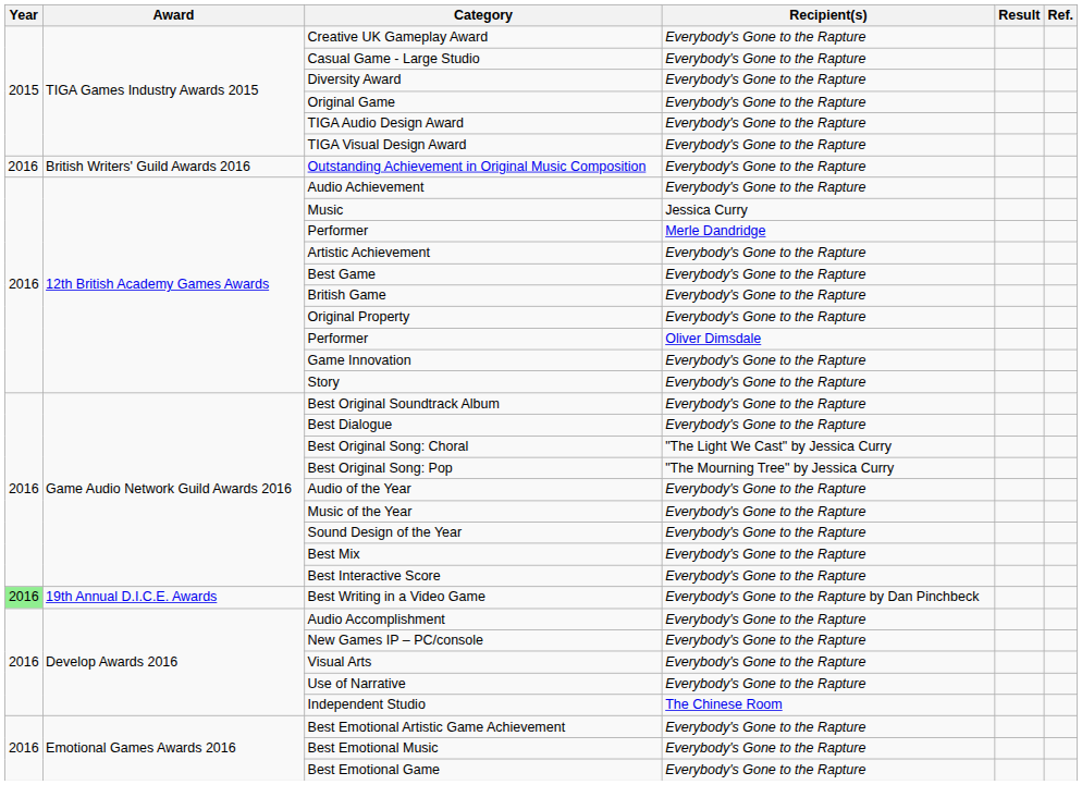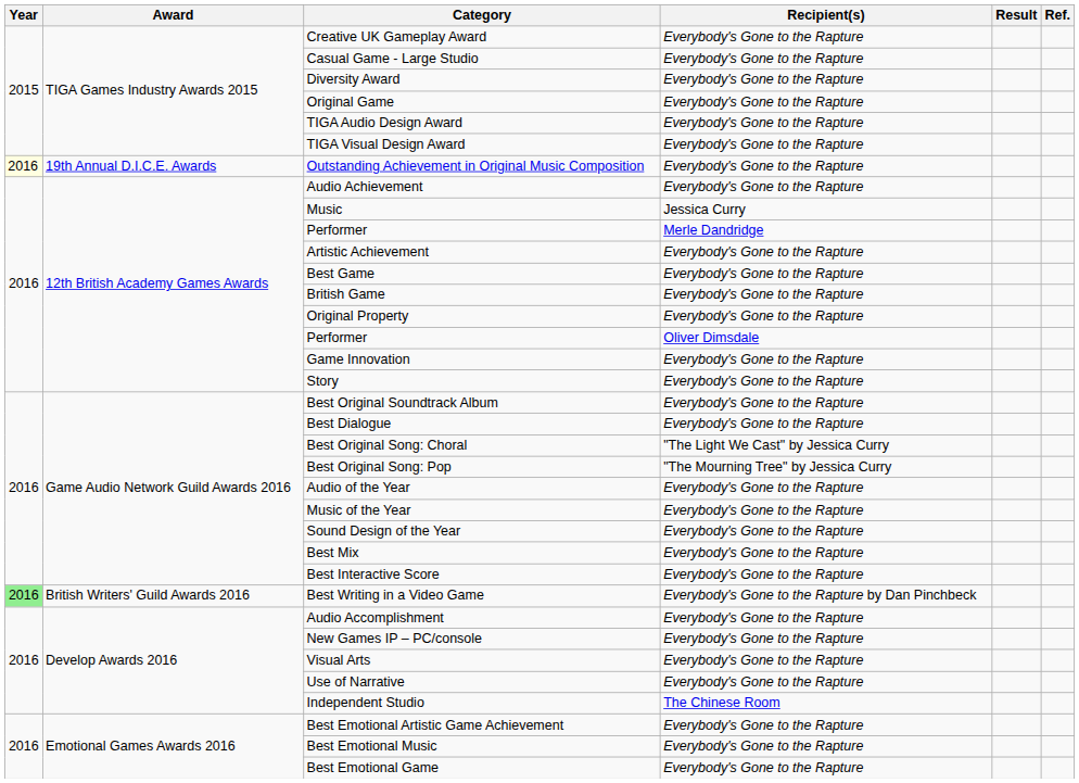 <table class="wikitable" style="border:none; margin:0; width:100%;">
 <tr>
 <th>Year</th>
 <th>Award</th>
 <th>Category</th>
 <th>Recipient(s)</th>
 <th>Result</th>
 <th class="unsortable">Ref.</th>
 </tr>
 <tr>
 <td style="text-align:center;" rowspan="6">2015</td>
 <td rowspan=6>TIGA Games Industry Awards 2015</td>
 <td>Creative UK Gameplay Award</td>
 <td><em>Everybody's Gone to the Rapture</em></td>
 <td></td>
 <td style="text-align:center;"></td>
 </tr>
 <tr>
 <td>Casual Game - Large Studio</td>
 <td><em>Everybody's Gone to the Rapture</em></td>
 <td></td>
 <td style="text-align:center;"></td>
 </tr>
 <tr>
 <td>Diversity Award</td>
 <td><em>Everybody's Gone to the Rapture</em></td>
 <td></td>
 <td style="text-align:center;"></td>
 </tr>
 <tr>
 <td>Original Game</td>
 <td><em>Everybody's Gone to the Rapture</em></td>
 <td></td>
 <td style="text-align:center;"></td>
 </tr>
 <tr>
 <td>TIGA Audio Design Award</td>
 <td><em>Everybody's Gone to the Rapture</em></td>
 <td></td>
 <td style="text-align:center;"></td>
 </tr>
 <tr>
 <td>TIGA Visual Design Award</td>
 <td><em>Everybody's Gone to the Rapture</em></td>
 <td></td>
 <td style="text-align:center;"></td>
 </tr>
 <tr>
-<td style="text-aligh:center;">2016</td>
-<td rowspan=1>British Writers' Guild Awards 2016</td>
+<td style="background: lightyellow; text-aligh:center;">2016</td>
+<td><a href='#'>19th Annual D.I.C.E. Awards</a></td>
 <td><a href='#'>Outstanding Achievement in Original Music Composition</a></td>
 <td><em>Everybody's Gone to the Rapture</em></td>
 <td></td>
 <td style="text-align:center;"></td>
 </tr>
 <tr>
 <td style="text-align:center;" rowspan="10">2016</td>
 <td rowspan=10><a href='#'>12th British Academy Games Awards</a></td>
 <td>Audio Achievement</td>
 <td><em>Everybody's Gone to the Rapture</em></td>
 <td></td>
 <td style="text-align:center;"></td>
 </tr>
 <tr>
 <td>Music</td>
 <td>Jessica Curry</td>
 <td></td>
 <td style="text-align:center;"></td>
 </tr>
 <tr>
 <td>Performer</td>
 <td><a href='#'>Merle Dandridge</a></td>
 <td></td>
 <td style="text-align:center;"></td>
 </tr>
 <tr>
 <td>Artistic Achievement</td>
 <td><em>Everybody's Gone to the Rapture</em></td>
 <td></td>
 <td style="text-align:center;"></td>
 </tr>
 <tr>
 <td>Best Game</td>
 <td><em>Everybody's Gone to the Rapture</em></td>
 <td></td>
 <td style="text-align:center;"></td>
 </tr>
 <tr>
 <td>British Game</td>
 <td><em>Everybody's Gone to the Rapture</em></td>
 <td></td>
 <td style="text-align:center;"></td>
 </tr>
 <tr>
 <td>Original Property</td>
 <td><em>Everybody's Gone to the Rapture</em></td>
 <td></td>
 <td style="text-align:center;"></td>
 </tr>
 <tr>
 <td>Performer</td>
 <td><a href='#'>Oliver Dimsdale</a></td>
 <td></td>
 <td style="text-align:center;"></td>
 </tr>
 <tr>
 <td>Game Innovation</td>
 <td><em>Everybody's Gone to the Rapture</em></td>
 <td></td>
 <td style="text-align:center;"></td>
 </tr>
 <tr>
 <td>Story</td>
 <td><em>Everybody's Gone to the Rapture</em></td>
 <td></td>
 <td style="text-align:center;"></td>
 </tr>
 <tr>
 <td style="text-align:center;" rowspan="9">2016</td>
 <td rowspan=9>Game Audio Network Guild Awards 2016</td>
 <td>Best Original Soundtrack Album</td>
 <td><em>Everybody's Gone to the Rapture</em></td>
 <td></td>
 <td style="text-align:center;"></td>
 </tr>
 <tr>
 <td>Best Dialogue</td>
 <td><em>Everybody's Gone to the Rapture</em></td>
 <td></td>
 <td style="text-align:center;"></td>
 </tr>
 <tr>
 <td>Best Original Song: Choral</td>
 <td>"The Light We Cast" by Jessica Curry</td>
 <td></td>
 <td style="text-align:center;"></td>
 </tr>
 <tr>
 <td>Best Original Song: Pop</td>
 <td>"The Mourning Tree" by Jessica Curry</td>
 <td></td>
 <td style="text-align:center;"></td>
 </tr>
 <tr>
 <td>Audio of the Year</td>
 <td><em>Everybody's Gone to the Rapture</em></td>
 <td></td>
 <td style="text-align:center;"></td>
 </tr>
 <tr>
 <td>Music of the Year</td>
 <td><em>Everybody's Gone to the Rapture</em></td>
 <td></td>
 <td style="text-align:center;"></td>
 </tr>
 <tr>
 <td>Sound Design of the Year</td>
 <td><em>Everybody's Gone to the Rapture</em></td>
 <td></td>
 <td style="text-align:center;"></td>
 </tr>
 <tr>
 <td>Best Mix</td>
 <td><em>Everybody's Gone to the Rapture</em></td>
 <td></td>
 <td style="text-align:center;"></td>
 </tr>
 <tr>
 <td>Best Interactive Score</td>
 <td><em>Everybody's Gone to the Rapture</em></td>
 <td></td>
 <td style="text-align:center;"></td>
 </tr>
 <tr>
 <td style="background: lightgreen; text-align:center;" rowspan="1">2016</td>
-<td><a href='#'>19th Annual D.I.C.E. Awards</a></td>
+<td rowspan=1>British Writers' Guild Awards 2016</td>
 <td>Best Writing in a Video Game</td>
 <td><em>Everybody's Gone to the Rapture</em> by Dan Pinchbeck</td>
 <td></td>
 <td style="text-align:center;"></td>
 </tr>
 <tr>
 <td style="text-align:center;" rowspan="5">2016</td>
 <td rowspan=5>Develop Awards 2016</td>
 <td>Audio Accomplishment</td>
 <td><em>Everybody's Gone to the Rapture</em></td>
 <td></td>
 <td style="text-align:center;"></td>
 </tr>
 <tr>
 <td>New Games IP – PC/console</td>
 <td><em>Everybody's Gone to the Rapture</em></td>
 <td></td>
 <td style="text-align:center;"></td>
 </tr>
 <tr>
 <td>Visual Arts</td>
 <td><em>Everybody's Gone to the Rapture</em></td>
 <td></td>
 <td style="text-align:center;"></td>
 </tr>
 <tr>
 <td>Use of Narrative</td>
 <td><em>Everybody's Gone to the Rapture</em></td>
 <td></td>
 <td style="text-align:center;"></td>
 </tr>
 <tr>
 <td>Independent Studio</td>
 <td><a href='#'>The Chinese Room</a></td>
 <td></td>
 <td style="text-align:center;"></td>
 </tr>
 <tr>
 <td style="text-align:center;" rowspan="3">2016</td>
 <td rowspan=3>Emotional Games Awards 2016</td>
 <td>Best Emotional Artistic Game Achievement</td>
 <td><em>Everybody's Gone to the Rapture</em></td>
 <td></td>
 <td style="text-align:center;"></td>
 </tr>
 <tr>
 <td>Best Emotional Music</td>
 <td><em>Everybody's Gone to the Rapture</em></td>
 <td></td>
 <td style="text-align:center;"></td>
 </tr>
 <tr>
 <td>Best Emotional Game</td>
 <td><em>Everybody's Gone to the Rapture</em></td>
 <td></td>
 <td style="text-align:center;"></td>
 </tr>
 <tr>
 </tr>
 </table>
